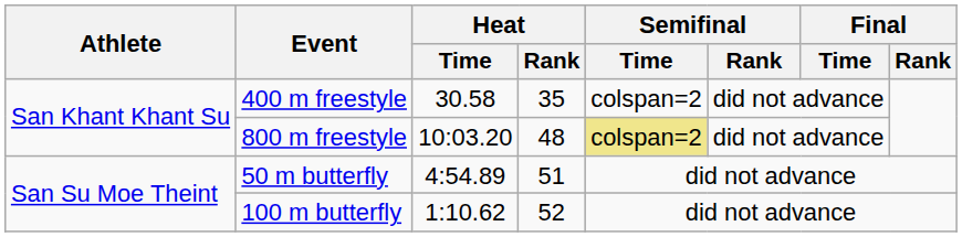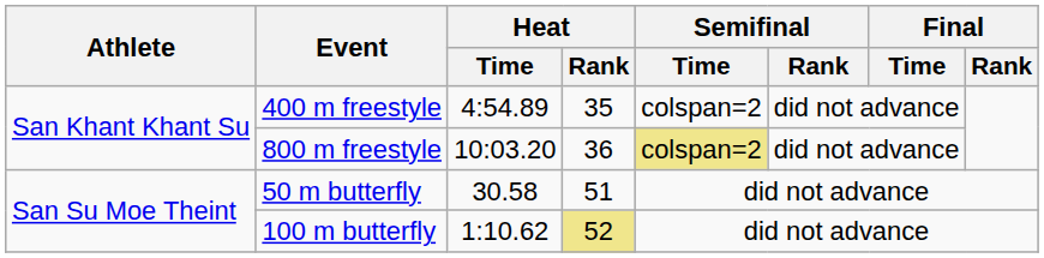 <table class=wikitable style="font-size:90%">
 <tr>
 <th rowspan="2">Athlete</th>
 <th rowspan="2">Event</th>
 <th colspan="2">Heat</th>
 <th colspan="2">Semifinal</th>
 <th colspan="2">Final</th>
 </tr>
 <tr style="font-size:95%">
 <th>Time</th>
 <th>Rank</th>
 <th>Time</th>
 <th>Rank</th>
 <th>Time</th>
 <th>Rank</th>
 </tr>
 <tr align=center>
 <td align=left rowspan=2><a href='#'>San Khant Khant Su</a></td>
 <td align=left><a href='#'>400 m freestyle</a></td>
-<td>30.58</td>
+<td>4:54.89</td>
 <td>35</td>
 <td>colspan=2 </td>
 <td colspan=2>did not advance</td>
 </tr>
 <tr align=center>
 <td align=left><a href='#'>800 m freestyle</a></td>
 <td>10:03.20</td>
-<td>48</td>
+<td>36</td>
 <td style="background: khaki;">colspan=2 </td>
 <td colspan=2>did not advance</td>
 </tr>
 <tr align=center>
 <td align=left rowspan=2><a href='#'>San Su Moe Theint</a></td>
 <td align=left><a href='#'>50 m butterfly</a></td>
-<td>4:54.89</td>
+<td>30.58</td>
 <td>51</td>
 <td colspan=4>did not advance</td>
 </tr>
 <tr align=center>
 <td align=left><a href='#'>100 m butterfly</a></td>
 <td>1:10.62</td>
-<td>52</td>
+<td style="background: khaki;">52</td>
 <td colspan=4>did not advance</td>
 </tr>
 </table>
